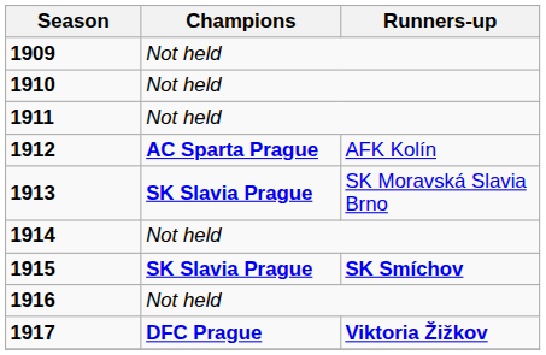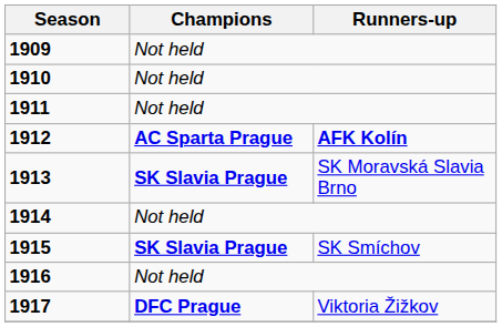 <table class="wikitable">
 <tr>
 <th style="width:100px">Season</th>
 <th style="width:150px">Champions</th>
 <th style="width:150px">Runners-up</th>
 </tr>
 <tr>
 <td><strong>1909</strong></td>
 <td colspan=2><em>Not held</em></td>
 </tr>
 <tr>
 <td><strong>1910</strong></td>
 <td colspan=2><em>Not held</em></td>
 </tr>
 <tr>
 <td><strong>1911</strong></td>
 <td colspan=2><em>Not held</em></td>
 </tr>
 <tr>
 <td><strong>1912</strong></td>
 <td><strong><a href='#'>AC Sparta Prague</a></strong></td>
-<td><a href='#'>AFK Kolín</a></td>
+<td><strong><a href='#'>AFK Kolín</a></strong></td>
 </tr>
 <tr>
 <td><strong>1913</strong></td>
 <td><strong><a href='#'>SK Slavia Prague</a></strong></td>
 <td><a href='#'>SK Moravská Slavia Brno</a></td>
 </tr>
 <tr>
 <td><strong>1914</strong></td>
 <td colspan=2><em>Not held</em></td>
 </tr>
 <tr>
 <td><strong>1915</strong></td>
 <td><strong><a href='#'>SK Slavia Prague</a></strong></td>
-<td><strong><a href='#'>SK Smíchov</a></strong></td>
+<td><a href='#'>SK Smíchov</a></td>
 </tr>
 <tr>
 <td><strong>1916</strong></td>
 <td colspan=2><em>Not held</em></td>
 </tr>
 <tr>
 <td><strong>1917</strong></td>
 <td><strong><a href='#'>DFC Prague</a></strong></td>
-<td><strong><a href='#'>Viktoria Žižkov</a></strong></td>
+<td><a href='#'>Viktoria Žižkov</a></td>
 </tr>
 <tr>
 </tr>
 </table>
